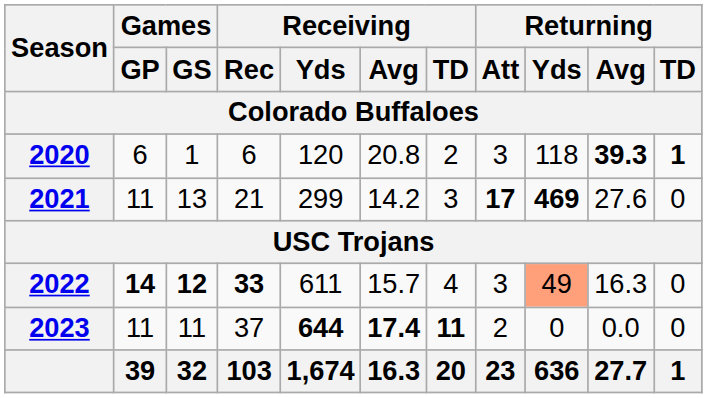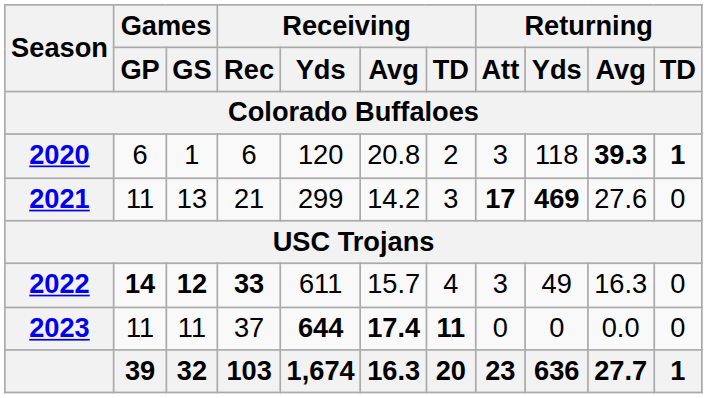 <table class="wikitable" style="text-align:center;">
 <tr>
 <th rowspan="2">Season</th>
 <th colspan="2">Games</th>
 <th colspan="4">Receiving</th>
 <th colspan="4">Returning</th>
 </tr>
 <tr>
 <th>GP</th>
 <th>GS</th>
 <th>Rec</th>
 <th>Yds</th>
 <th>Avg</th>
 <th>TD</th>
 <th>Att</th>
 <th>Yds</th>
 <th>Avg</th>
 <th>TD</th>
 </tr>
 <tr>
 <th colspan="12">Colorado Buffaloes</th>
 </tr>
 <tr>
 <th><a href='#'>2020</a></th>
 <td>6</td>
 <td>1</td>
 <td>6</td>
 <td>120</td>
 <td>20.8</td>
 <td>2</td>
 <td>3</td>
 <td>118</td>
 <td><strong>39.3</strong></td>
 <td><strong>1</strong></td>
 </tr>
 <tr>
 <th><a href='#'>2021</a></th>
 <td>11</td>
 <td>13</td>
 <td>21</td>
 <td>299</td>
 <td>14.2</td>
 <td>3</td>
 <td><strong>17</strong></td>
 <td><strong>469</strong></td>
 <td>27.6</td>
 <td>0</td>
 </tr>
 <tr>
 <th colspan="12">USC Trojans</th>
 </tr>
 <tr>
 <th><a href='#'>2022</a></th>
 <td><strong>14</strong></td>
 <td><strong>12</strong></td>
 <td><strong>33</strong></td>
 <td>611</td>
 <td>15.7</td>
 <td>4</td>
 <td>3</td>
-<td style="background: lightsalmon;">49</td>
+<td>49</td>
 <td>16.3</td>
 <td>0</td>
 </tr>
 <tr>
 <th><a href='#'>2023</a></th>
 <td>11</td>
 <td>11</td>
 <td>37</td>
 <td><strong>644</strong></td>
 <td><strong>17.4</strong></td>
 <td><strong>11</strong></td>
-<td>2</td>
+<td>0</td>
 <td>0</td>
 <td>0.0</td>
 <td>0</td>
 </tr>
 <tr>
 <th></th>
 <th>39</th>
 <th>32</th>
 <th>103</th>
 <th>1,674</th>
 <th>16.3</th>
 <th>20</th>
 <th>23</th>
 <th>636</th>
 <th>27.7</th>
 <th>1</th>
 </tr>
 </table>
